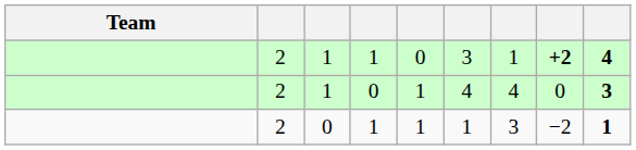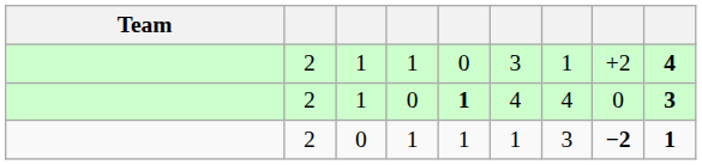 <table class="wikitable" style="text-align: center; font-size: 90%;">
 <tr>
 <th width=165>Team</th>
 <th width=25></th>
 <th width=25></th>
 <th width=25></th>
 <th width=25></th>
 <th width=25></th>
 <th width=25></th>
 <th width=25></th>
 <th width=25></th>
 </tr>
 <tr style="background:#ccffcc">
 <td style="text-align:left;"></td>
 <td>2</td>
 <td>1</td>
 <td>1</td>
 <td>0</td>
 <td>3</td>
 <td>1</td>
-<td><strong>+2</strong></td>
+<td>+2</td>
 <td><strong>4</strong></td>
 </tr>
 <tr style="background:#ccffcc">
 <td style="text-align:left;"></td>
 <td>2</td>
 <td>1</td>
 <td>0</td>
-<td>1</td>
+<td><strong>1</strong></td>
 <td>4</td>
 <td>4</td>
 <td>0</td>
 <td><strong>3</strong></td>
 </tr>
 <tr>
 <td style="text-align:left;"></td>
 <td>2</td>
 <td>0</td>
 <td>1</td>
 <td>1</td>
 <td>1</td>
 <td>3</td>
-<td>−2</td>
+<td><strong>−2</strong></td>
 <td><strong>1</strong></td>
 </tr>
 </table>
